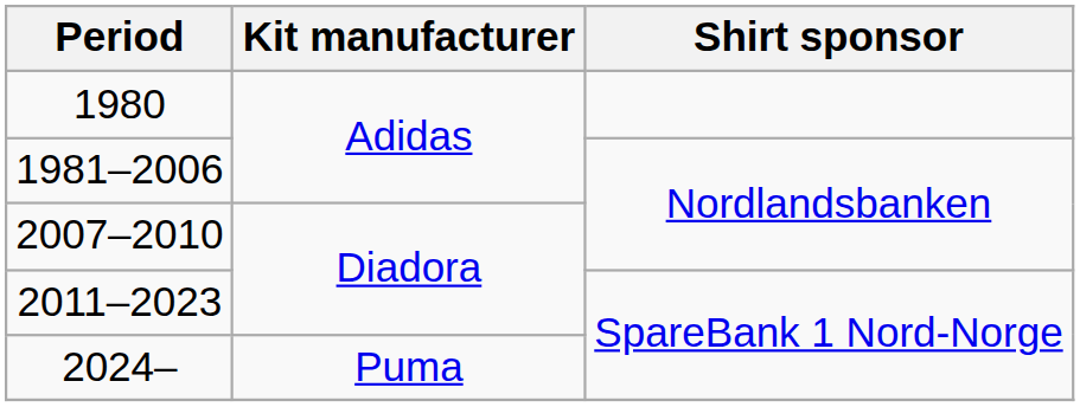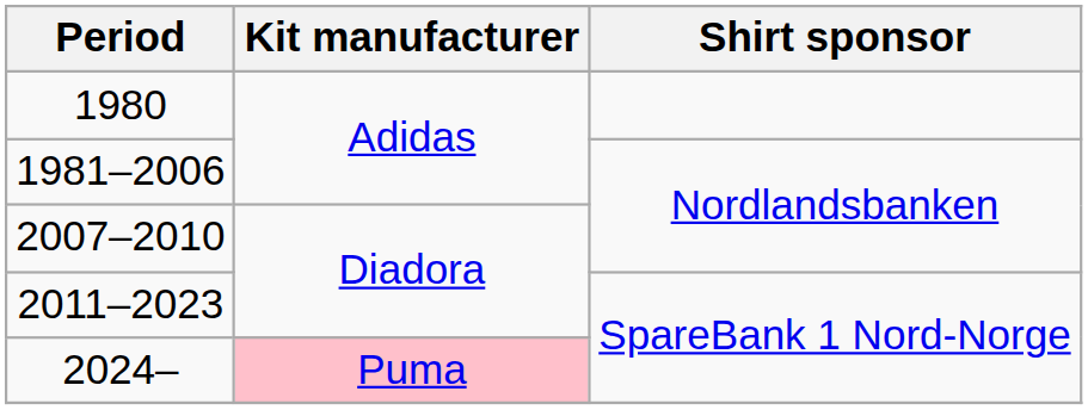 <table class="wikitable collapsible" style="text-align:center;">
 <tr>
 <th>Period</th>
 <th>Kit manufacturer</th>
 <th>Shirt sponsor</th>
 </tr>
 <tr>
 <td>1980</td>
 <td rowspan=2><a href='#'>Adidas</a></td>
 <td></td>
 </tr>
 <tr>
 <td>1981–2006</td>
 <td rowspan=2><a href='#'>Nordlandsbanken</a></td>
 </tr>
 <tr>
 <td>2007–2010</td>
 <td rowspan=2><a href='#'>Diadora</a></td>
 </tr>
 <tr>
 <td>2011–2023</td>
 <td rowspan=2><a href='#'>SpareBank 1 Nord-Norge</a></td>
 </tr>
 <tr>
 <td>2024–</td>
-<td rowspan=1><a href='#'>Puma</a></td>
+<td rowspan=1 style="background: pink;"><a href='#'>Puma</a></td>
 </tr>
 <tr>
 </tr>
 </table>
